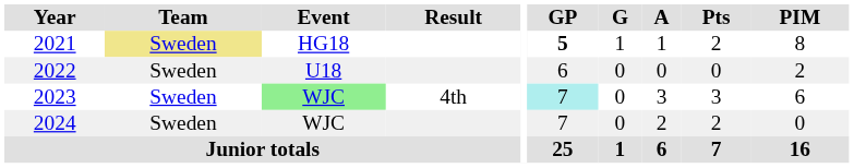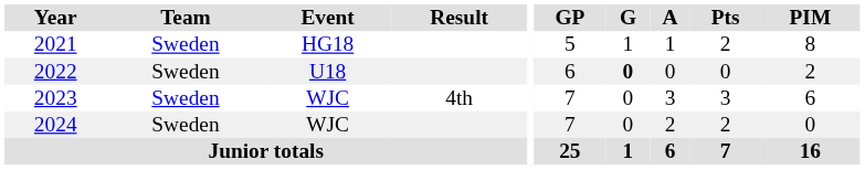 <table border="0" cellpadding="1" cellspacing="0" ID="Table3" style="text-align:center; width:40em">
 <tr bgcolor="#e0e0e0">
 <th>Year</th>
 <th>Team</th>
 <th>Event</th>
 <th>Result</th>
 <th rowspan="99" bgcolor="#ffffff"></th>
 <th>GP</th>
 <th>G</th>
 <th>A</th>
 <th>Pts</th>
 <th>PIM</th>
 </tr>
 <tr>
 <td><a href='#'>2021</a></td>
-<td style="background: khaki;"><a href='#'>Sweden</a></td>
+<td><a href='#'>Sweden</a></td>
 <td><a href='#'>HG18</a></td>
 <td></td>
-<td><strong>5</strong></td>
+<td>5</td>
 <td>1</td>
 <td>1</td>
 <td>2</td>
 <td>8</td>
 </tr>
 <tr bgcolor="#f0f0f0">
 <td><a href='#'>2022</a></td>
 <td>Sweden</td>
 <td><a href='#'>U18</a></td>
 <td></td>
 <td>6</td>
-<td>0</td>
+<td><strong>0</strong></td>
 <td>0</td>
 <td>0</td>
 <td>2</td>
 </tr>
 <tr>
 <td><a href='#'>2023</a></td>
 <td><a href='#'>Sweden</a></td>
-<td style="background: lightgreen;"><a href='#'>WJC</a></td>
+<td><a href='#'>WJC</a></td>
 <td>4th</td>
-<td style="background: paleturquoise;">7</td>
+<td>7</td>
 <td>0</td>
 <td>3</td>
 <td>3</td>
 <td>6</td>
 </tr>
 <tr bgcolor="#f0f0f0">
 <td><a href='#'>2024</a></td>
 <td>Sweden</td>
 <td>WJC</td>
 <td></td>
 <td>7</td>
 <td>0</td>
 <td>2</td>
 <td>2</td>
 <td>0</td>
 </tr>
 <tr bgcolor="#e0e0e0">
 <th colspan="4">Junior totals</th>
 <th>25</th>
 <th>1</th>
 <th>6</th>
 <th>7</th>
 <th>16</th>
 </tr>
 </table>
